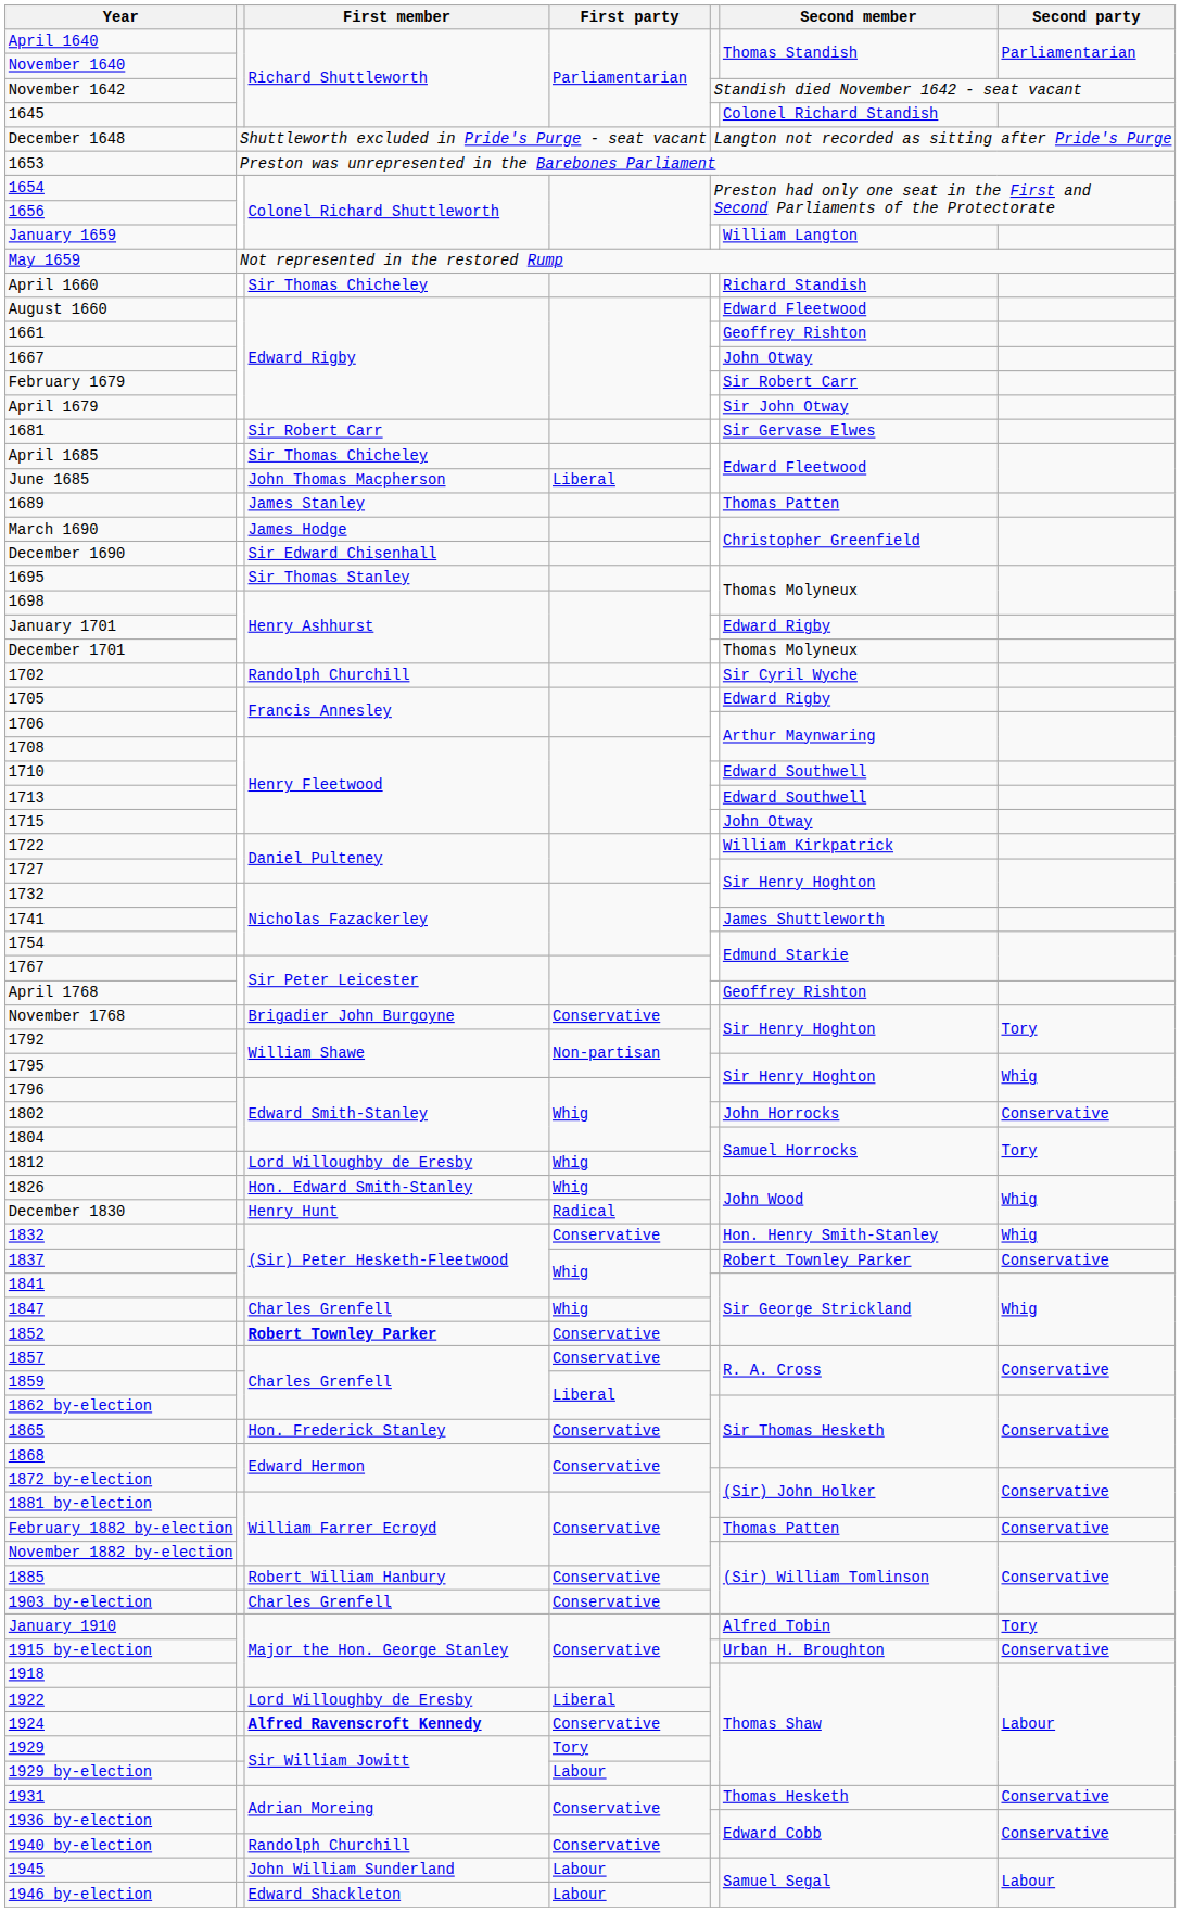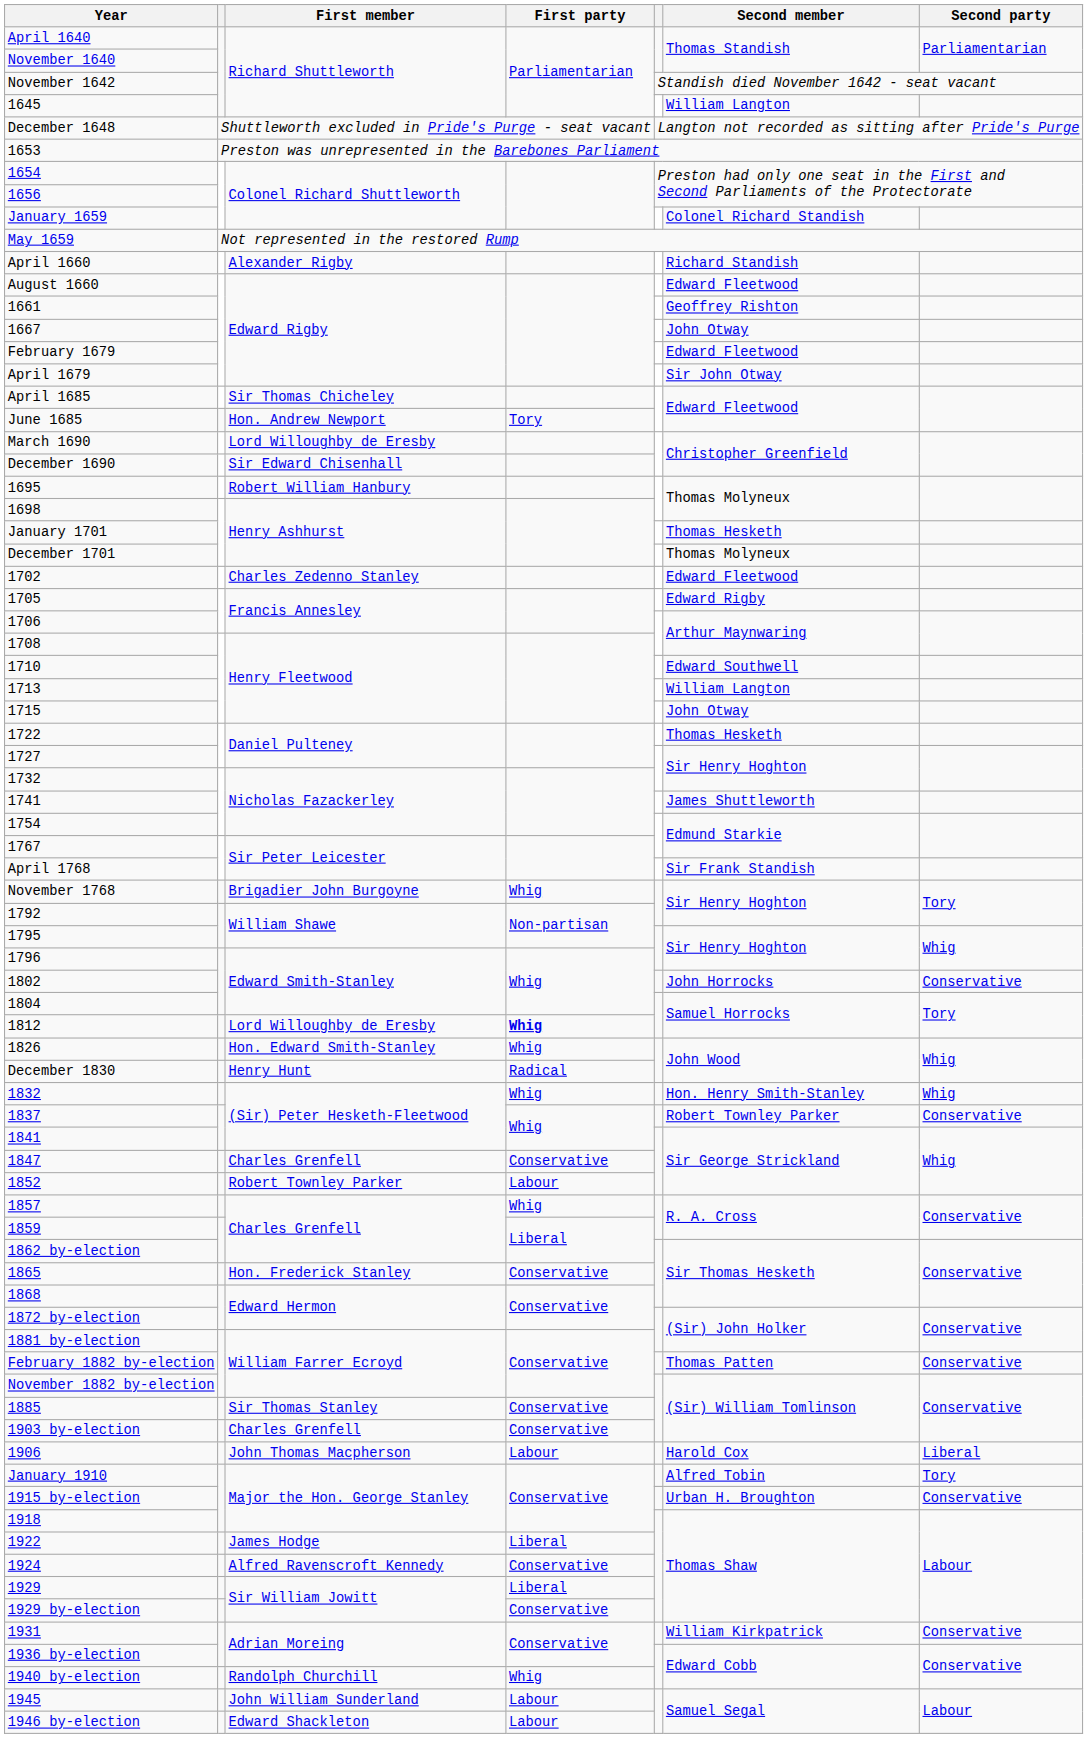 <table class="wikitable">
 <tr>
 <th>Year</th>
 <th></th>
 <th>First member</th>
 <th>First party</th>
 <th></th>
 <th>Second member</th>
 <th>Second party</th>
 </tr>
 <tr>
 <td><a href='#'>April 1640</a></td>
 <td rowspan="4" style="color:inherit;background-color: "></td>
 <td rowspan="4"><a href='#'>Richard Shuttleworth</a></td>
 <td rowspan="4"><a href='#'>Parliamentarian</a></td>
 <td rowspan="2" style="color:inherit;background-color: "></td>
 <td rowspan="2"><a href='#'>Thomas Standish</a></td>
 <td rowspan="2"><a href='#'>Parliamentarian</a></td>
 </tr>
 <tr>
 <td><a href='#'>November 1640</a></td>
 </tr>
 <tr>
 <td>November 1642</td>
 <td colspan="3"><em>Standish died November 1642 - seat vacant</em></td>
 </tr>
 <tr>
 <td>1645</td>
 <td style="color:inherit;background-color: white"></td>
-<td><a href='#'>Colonel Richard Standish</a></td>
+<td><a href='#'>William Langton</a></td>
 <td></td>
 </tr>
 <tr>
 <td>December 1648</td>
 <td colspan="3"><em>Shuttleworth excluded in <a href='#'>Pride's Purge</a> - seat vacant</em></td>
 <td colspan="3"><em>Langton not recorded as sitting after <a href='#'>Pride's Purge</a></em></td>
 </tr>
 <tr>
 <td>1653</td>
 <td colspan="6"><em>Preston was unrepresented in the <a href='#'>Barebones Parliament</a></em></td>
 </tr>
 <tr>
 <td><a href='#'>1654</a></td>
 <td rowspan="3" style="color:inherit;background-color: white"></td>
 <td rowspan="3"><a href='#'>Colonel Richard Shuttleworth</a></td>
 <td rowspan="3"></td>
 <td rowspan="2" colspan="3"><em>Preston had only one seat in the <a href='#'>First</a>  and <br><a href='#'>Second</a> Parliaments of the Protectorate</em></td>
 </tr>
 <tr>
 <td><a href='#'>1656</a></td>
 </tr>
 <tr>
 <td><a href='#'>January 1659</a></td>
 <td style="color:inherit;background-color: white"></td>
-<td><a href='#'>William Langton</a></td>
+<td><a href='#'>Colonel Richard Standish</a></td>
 <td></td>
 </tr>
 <tr>
 <td><a href='#'>May 1659</a></td>
 <td colspan="6"><em>Not represented in the restored <a href='#'>Rump</a></em></td>
 </tr>
 <tr>
 <td>April 1660</td>
 <td style="color:inherit;background-color: white"></td>
-<td><a href='#'>Sir Thomas Chicheley</a></td>
+<td><a href='#'>Alexander Rigby</a></td>
 <td></td>
 <td style="color:inherit;background-color: white"></td>
 <td><a href='#'>Richard Standish</a></td>
 <td></td>
 </tr>
 <tr>
 <td>August 1660</td>
 <td rowspan="5" style="color:inherit;background-color: white"></td>
 <td rowspan="5"><a href='#'>Edward Rigby</a></td>
 <td rowspan="5"></td>
 <td style="color:inherit;background-color: white"></td>
 <td><a href='#'>Edward Fleetwood</a></td>
 <td></td>
 </tr>
 <tr>
 <td>1661</td>
 <td style="color:inherit;background-color: white"></td>
 <td><a href='#'>Geoffrey Rishton</a></td>
 <td></td>
 </tr>
 <tr>
 <td>1667</td>
 <td style="color:inherit;background-color: white"></td>
 <td><a href='#'>John Otway</a></td>
 <td></td>
 </tr>
 <tr>
 <td>February 1679</td>
 <td style="color:inherit;background-color: white"></td>
-<td><a href='#'>Sir Robert Carr</a></td>
+<td><a href='#'>Edward Fleetwood</a></td>
 <td></td>
 </tr>
 <tr>
 <td>April 1679</td>
 <td style="color:inherit;background-color: white"></td>
 <td><a href='#'>Sir John Otway</a></td>
-<td></td>
-</tr>
-<tr>
-<td>1681</td>
-<td style="color:inherit;background-color: white"></td>
-<td><a href='#'>Sir Robert Carr</a></td>
-<td></td>
-<td style="color:inherit;background-color: white"></td>
-<td><a href='#'>Sir Gervase Elwes</a></td>
 <td></td>
 </tr>
 <tr>
 <td>April 1685</td>
 <td style="color:inherit;background-color: white"></td>
 <td><a href='#'>Sir Thomas Chicheley</a></td>
 <td></td>
 <td rowspan="2" style="color:inherit;background-color: white"></td>
 <td rowspan="2"><a href='#'>Edward Fleetwood</a></td>
 <td rowspan="2"></td>
 </tr>
 <tr>
 <td>June 1685</td>
 <td style="color:inherit;background-color: "></td>
-<td><a href='#'>John Thomas Macpherson</a></td>
-<td><a href='#'>Liberal</a></td>
-</tr>
-<tr>
-<td>1689</td>
-<td style="color:inherit;background-color: white"></td>
-<td><a href='#'>James Stanley</a></td>
-<td></td>
-<td style="color:inherit;background-color: white"></td>
-<td><a href='#'>Thomas Patten</a></td>
-<td></td>
+<td><a href='#'>Hon. Andrew Newport</a></td>
+<td><a href='#'>Tory</a></td>
 </tr>
 <tr>
 <td>March 1690</td>
 <td style="color:inherit;background-color: white"></td>
-<td><a href='#'>James Hodge</a></td>
+<td><a href='#'>Lord Willoughby de Eresby</a></td>
 <td></td>
 <td rowspan="2" style="color:inherit;background-color: white"></td>
 <td rowspan="2"><a href='#'>Christopher Greenfield</a></td>
 <td rowspan="2"></td>
 </tr>
 <tr>
 <td>December 1690</td>
 <td style="color:inherit;background-color: white"></td>
 <td><a href='#'>Sir Edward Chisenhall</a></td>
 <td></td>
 </tr>
 <tr>
 <td>1695</td>
 <td style="color:inherit;background-color: white"></td>
-<td><a href='#'>Sir Thomas Stanley</a></td>
+<td><a href='#'>Robert William Hanbury</a></td>
 <td></td>
 <td rowspan="2" style="color:inherit;background-color: white"></td>
 <td rowspan="2">Thomas Molyneux</td>
 <td rowspan="2"></td>
 </tr>
 <tr>
 <td>1698</td>
 <td rowspan="3" style="color:inherit;background-color: white"></td>
 <td rowspan="3"><a href='#'>Henry Ashhurst</a></td>
 <td rowspan="3"></td>
 </tr>
 <tr>
 <td>January 1701</td>
 <td style="color:inherit;background-color: white"></td>
-<td><a href='#'>Edward Rigby</a></td>
+<td><a href='#'>Thomas Hesketh</a></td>
 <td></td>
 </tr>
 <tr>
 <td>December 1701</td>
 <td style="color:inherit;background-color: white"></td>
 <td>Thomas Molyneux</td>
 <td></td>
 </tr>
 <tr>
 <td>1702</td>
 <td style="color:inherit;background-color: white"></td>
-<td><a href='#'>Randolph Churchill</a></td>
+<td><a href='#'>Charles Zedenno Stanley</a></td>
 <td></td>
 <td style="color:inherit;background-color: white"></td>
-<td><a href='#'>Sir Cyril Wyche</a></td>
+<td><a href='#'>Edward Fleetwood</a></td>
 <td></td>
 </tr>
 <tr>
 <td>1705</td>
 <td rowspan="2" style="color:inherit;background-color: white"></td>
 <td rowspan="2"><a href='#'>Francis Annesley</a></td>
 <td rowspan="2"></td>
 <td style="color:inherit;background-color: white"></td>
 <td><a href='#'>Edward Rigby</a></td>
 <td></td>
 </tr>
 <tr>
 <td>1706</td>
 <td rowspan="2" style="color:inherit;background-color: white"></td>
 <td rowspan="2"><a href='#'>Arthur Maynwaring</a></td>
 <td rowspan="2"></td>
 </tr>
 <tr>
 <td>1708</td>
 <td rowspan="4" style="color:inherit;background-color: white"></td>
 <td rowspan="4"><a href='#'>Henry Fleetwood</a></td>
 <td rowspan="4"></td>
 </tr>
 <tr>
 <td>1710</td>
 <td style="color:inherit;background-color: white"></td>
 <td><a href='#'>Edward Southwell</a></td>
 <td></td>
 </tr>
 <tr>
 <td>1713</td>
 <td style="color:inherit;background-color: white"></td>
-<td><a href='#'>Edward Southwell</a></td>
+<td><a href='#'>William Langton</a></td>
 <td></td>
 </tr>
 <tr>
 <td>1715</td>
 <td style="color:inherit;background-color: white"></td>
 <td><a href='#'>John Otway</a></td>
 <td></td>
 </tr>
 <tr>
 <td>1722</td>
 <td rowspan="2" style="color:inherit;background-color: white"></td>
 <td rowspan="2"><a href='#'>Daniel Pulteney</a></td>
 <td rowspan="2"></td>
 <td style="color:inherit;background-color: white"></td>
-<td><a href='#'>William Kirkpatrick</a></td>
+<td><a href='#'>Thomas Hesketh</a></td>
 <td></td>
 </tr>
 <tr>
 <td>1727</td>
 <td rowspan="2" style="color:inherit;background-color: white"></td>
 <td rowspan="2"><a href='#'>Sir Henry Hoghton</a></td>
 <td rowspan="2"></td>
 </tr>
 <tr>
 <td>1732</td>
 <td rowspan="3" style="color:inherit;background-color: white"></td>
 <td rowspan="3"><a href='#'>Nicholas Fazackerley</a></td>
 <td rowspan="3"></td>
 </tr>
 <tr>
 <td>1741</td>
 <td style="color:inherit;background-color: white"></td>
 <td><a href='#'>James Shuttleworth</a></td>
 <td></td>
 </tr>
 <tr>
 <td>1754</td>
 <td rowspan="2" style="color:inherit;background-color: white"></td>
 <td rowspan="2"><a href='#'>Edmund Starkie</a></td>
 <td rowspan="2"></td>
 </tr>
 <tr>
 <td>1767</td>
 <td rowspan="2" style="color:inherit;background-color: white"></td>
 <td rowspan="2"><a href='#'>Sir Peter Leicester</a></td>
 <td rowspan="2"></td>
 </tr>
 <tr>
 <td>April 1768</td>
 <td style="color:inherit;background-color: white"></td>
-<td><a href='#'>Geoffrey Rishton</a></td>
+<td><a href='#'>Sir Frank Standish</a></td>
 <td></td>
 </tr>
 <tr>
 <td>November 1768</td>
 <td style="color:inherit;background-color: "></td>
 <td><a href='#'>Brigadier John Burgoyne</a></td>
-<td><a href='#'>Conservative</a></td>
+<td><a href='#'>Whig</a></td>
 <td rowspan="2" style="color:inherit;background-color: "></td>
 <td rowspan="2"><a href='#'>Sir Henry Hoghton</a></td>
 <td rowspan="2"><a href='#'>Tory</a></td>
 </tr>
 <tr>
 <td>1792</td>
 <td rowspan="2" style="color:inherit;background-color: "></td>
 <td rowspan="2"><a href='#'>William Shawe</a></td>
 <td rowspan="2"><a href='#'>Non-partisan</a></td>
 </tr>
 <tr>
 <td>1795</td>
 <td rowspan="2" style="color:inherit;background-color: "></td>
 <td rowspan="2"><a href='#'>Sir Henry Hoghton</a></td>
 <td rowspan="2"><a href='#'>Whig</a></td>
 </tr>
 <tr>
 <td>1796</td>
 <td rowspan="3" style="color:inherit;background-color: "></td>
 <td rowspan="3"><a href='#'>Edward Smith-Stanley</a></td>
 <td rowspan="3"><a href='#'>Whig</a></td>
 </tr>
 <tr>
 <td>1802</td>
 <td style="color:inherit;background-color: "></td>
 <td><a href='#'>John Horrocks</a></td>
 <td><a href='#'>Conservative</a></td>
 </tr>
 <tr>
 <td>1804</td>
 <td rowspan="2" style="color:inherit;background-color: "></td>
 <td rowspan="2"><a href='#'>Samuel Horrocks</a></td>
 <td rowspan="2"><a href='#'>Tory</a></td>
 </tr>
 <tr>
 <td>1812</td>
 <td style="color:inherit;background-color: "></td>
 <td><a href='#'>Lord Willoughby de Eresby</a></td>
-<td><a href='#'>Whig</a></td>
+<td><strong><a href='#'>Whig</a></strong></td>
 </tr>
 <tr>
 <td>1826</td>
 <td style="color:inherit;background-color: "></td>
 <td><a href='#'>Hon. Edward Smith-Stanley</a></td>
 <td><a href='#'>Whig</a></td>
 <td rowspan="2" style="color:inherit;background-color: "></td>
 <td rowspan="2"><a href='#'>John Wood</a></td>
 <td rowspan="2"><a href='#'>Whig</a></td>
 </tr>
 <tr>
 <td>December 1830</td>
 <td style="color:inherit;background-color: "></td>
 <td><a href='#'>Henry Hunt</a></td>
 <td><a href='#'>Radical</a></td>
 </tr>
 <tr>
 <td><a href='#'>1832</a></td>
 <td style="color:inherit;background-color: "></td>
 <td rowspan="3"><a href='#'>(Sir) Peter Hesketh-Fleetwood</a></td>
-<td><a href='#'>Conservative</a></td>
+<td><a href='#'>Whig</a></td>
 <td style="color:inherit;background-color: "></td>
 <td><a href='#'>Hon. Henry Smith-Stanley</a></td>
 <td><a href='#'>Whig</a></td>
 </tr>
 <tr>
 <td><a href='#'>1837</a></td>
 <td rowspan="2" style="color:inherit;background-color: "></td>
 <td rowspan="2"><a href='#'>Whig</a></td>
 <td style="color:inherit;background-color: "></td>
 <td><a href='#'>Robert Townley Parker</a></td>
 <td><a href='#'>Conservative</a></td>
 </tr>
 <tr>
 <td><a href='#'>1841</a></td>
 <td rowspan="3" style="color:inherit;background-color: "></td>
 <td rowspan="3"><a href='#'>Sir George Strickland</a></td>
 <td rowspan="3"><a href='#'>Whig</a></td>
 </tr>
 <tr>
 <td><a href='#'>1847</a></td>
 <td style="color:inherit;background-color: "></td>
 <td><a href='#'>Charles Grenfell</a></td>
-<td><a href='#'>Whig</a></td>
+<td><a href='#'>Conservative</a></td>
 </tr>
 <tr>
 <td><a href='#'>1852</a></td>
 <td style="color:inherit;background-color: "></td>
-<td><strong><a href='#'>Robert Townley Parker</a></strong></td>
-<td><a href='#'>Conservative</a></td>
+<td><a href='#'>Robert Townley Parker</a></td>
+<td><a href='#'>Labour</a></td>
 </tr>
 <tr>
 <td><a href='#'>1857</a></td>
 <td style="color:inherit;background-color: "></td>
 <td rowspan="3"><a href='#'>Charles Grenfell</a></td>
-<td><a href='#'>Conservative</a></td>
+<td><a href='#'>Whig</a></td>
 <td rowspan="2" style="color:inherit;background-color: "></td>
 <td rowspan="2"><a href='#'>R. A. Cross</a></td>
 <td rowspan="2"><a href='#'>Conservative</a></td>
 </tr>
 <tr>
 <td><a href='#'>1859</a></td>
 <td rowspan="2" style="color:inherit;background-color: "></td>
 <td rowspan="2"><a href='#'>Liberal</a></td>
 </tr>
 <tr>
 <td><a href='#'>1862 by-election</a></td>
 <td rowspan="3" style="color:inherit;background-color: "></td>
 <td rowspan="3"><a href='#'>Sir Thomas Hesketh</a></td>
 <td rowspan="3"><a href='#'>Conservative</a></td>
 </tr>
 <tr>
 <td><a href='#'>1865</a></td>
 <td style="color:inherit;background-color: "></td>
 <td><a href='#'>Hon. Frederick Stanley</a></td>
 <td><a href='#'>Conservative</a></td>
 </tr>
 <tr>
 <td><a href='#'>1868</a></td>
 <td rowspan="2" style="color:inherit;background-color: "></td>
 <td rowspan="2"><a href='#'>Edward Hermon</a></td>
 <td rowspan="2"><a href='#'>Conservative</a></td>
 </tr>
 <tr>
 <td><a href='#'>1872 by-election</a></td>
 <td rowspan="2" style="color:inherit;background-color: "></td>
 <td rowspan="2"><a href='#'>(Sir) John Holker</a></td>
 <td rowspan="2"><a href='#'>Conservative</a></td>
 </tr>
 <tr>
 <td><a href='#'>1881 by-election</a></td>
 <td rowspan="3" style="color:inherit;background-color: "></td>
 <td rowspan="3"><a href='#'>William Farrer Ecroyd</a></td>
 <td rowspan="3"><a href='#'>Conservative</a></td>
 </tr>
 <tr>
 <td><a href='#'>February 1882 by-election</a></td>
 <td style="color:inherit;background-color: "></td>
 <td><a href='#'>Thomas Patten</a></td>
 <td><a href='#'>Conservative</a></td>
 </tr>
 <tr>
 <td><a href='#'>November 1882 by-election</a></td>
 <td rowspan="3" style="color:inherit;background-color: "></td>
 <td rowspan="3"><a href='#'>(Sir) William Tomlinson</a></td>
 <td rowspan="3"><a href='#'>Conservative</a></td>
 </tr>
 <tr>
 <td><a href='#'>1885</a></td>
 <td style="color:inherit;background-color: "></td>
-<td><a href='#'>Robert William Hanbury</a></td>
+<td><a href='#'>Sir Thomas Stanley</a></td>
 <td><a href='#'>Conservative</a></td>
 </tr>
 <tr>
 <td><a href='#'>1903 by-election</a></td>
 <td style="color:inherit;background-color: "></td>
 <td><a href='#'>Charles Grenfell</a></td>
 <td><a href='#'>Conservative</a></td>
+</tr>
+<tr>
+<td><a href='#'>1906</a></td>
+<td style="color:inherit;background-color: "></td>
+<td><a href='#'>John Thomas Macpherson</a></td>
+<td><a href='#'>Labour</a></td>
+<td style="color:inherit;background-color: "></td>
+<td><a href='#'>Harold Cox</a></td>
+<td><a href='#'>Liberal</a></td>
 </tr>
 <tr>
 <td><a href='#'>January 1910</a></td>
 <td rowspan="3" style="color:inherit;background-color: "></td>
 <td rowspan="3"><a href='#'>Major the Hon. George Stanley</a></td>
 <td rowspan="3"><a href='#'>Conservative</a></td>
 <td style="color:inherit;background-color: "></td>
 <td><a href='#'>Alfred Tobin</a></td>
 <td><a href='#'>Tory</a></td>
 </tr>
 <tr>
 <td><a href='#'>1915 by-election</a></td>
 <td style="color:inherit;background-color: "></td>
 <td><a href='#'>Urban H. Broughton</a></td>
 <td><a href='#'>Conservative</a></td>
 </tr>
 <tr>
 <td><a href='#'>1918</a></td>
 <td rowspan="5" style="color:inherit;background-color: "></td>
 <td rowspan="5"><a href='#'>Thomas Shaw</a></td>
 <td rowspan="5"><a href='#'>Labour</a></td>
 </tr>
 <tr>
 <td><a href='#'>1922</a></td>
 <td style="color:inherit;background-color: "></td>
-<td><a href='#'>Lord Willoughby de Eresby</a></td>
+<td><a href='#'>James Hodge</a></td>
 <td><a href='#'>Liberal</a></td>
 </tr>
 <tr>
 <td><a href='#'>1924</a></td>
 <td style="color:inherit;background-color: "></td>
-<td><strong><a href='#'>Alfred Ravenscroft Kennedy</a></strong></td>
+<td><a href='#'>Alfred Ravenscroft Kennedy</a></td>
 <td><a href='#'>Conservative</a></td>
 </tr>
 <tr>
 <td><a href='#'>1929</a></td>
 <td style="color:inherit;background-color: "></td>
 <td rowspan="2"><a href='#'>Sir William Jowitt</a></td>
-<td><a href='#'>Tory</a></td>
+<td><a href='#'>Liberal</a></td>
 </tr>
 <tr>
 <td><a href='#'>1929 by-election</a></td>
 <td style="color:inherit;background-color: "></td>
-<td><a href='#'>Labour</a></td>
+<td><a href='#'>Conservative</a></td>
 </tr>
 <tr>
 <td><a href='#'>1931</a></td>
 <td rowspan="2" style="color:inherit;background-color: "></td>
 <td rowspan="2"><a href='#'>Adrian Moreing</a></td>
 <td rowspan="2"><a href='#'>Conservative</a></td>
 <td style="color:inherit;background-color: "></td>
-<td><a href='#'>Thomas Hesketh</a></td>
+<td><a href='#'>William Kirkpatrick</a></td>
 <td><a href='#'>Conservative</a></td>
 </tr>
 <tr>
 <td><a href='#'>1936 by-election</a></td>
 <td rowspan="2" style="color:inherit;background-color: "></td>
 <td rowspan="2"><a href='#'>Edward Cobb</a></td>
 <td rowspan="2"><a href='#'>Conservative</a></td>
 </tr>
 <tr>
 <td><a href='#'>1940 by-election</a></td>
 <td style="color:inherit;background-color: "></td>
 <td><a href='#'>Randolph Churchill</a></td>
-<td><a href='#'>Conservative</a></td>
+<td><a href='#'>Whig</a></td>
 </tr>
 <tr>
 <td><a href='#'>1945</a></td>
 <td style="color:inherit;background-color: "></td>
 <td><a href='#'>John William Sunderland</a></td>
 <td><a href='#'>Labour</a></td>
 <td rowspan="2" style="color:inherit;background-color: "></td>
 <td rowspan="2"><a href='#'>Samuel Segal</a></td>
 <td rowspan="2"><a href='#'>Labour</a></td>
 </tr>
 <tr>
 <td><a href='#'>1946 by-election</a></td>
 <td style="color:inherit;background-color: "></td>
 <td><a href='#'>Edward Shackleton</a></td>
 <td><a href='#'>Labour</a></td>
 </tr>
 </table>
